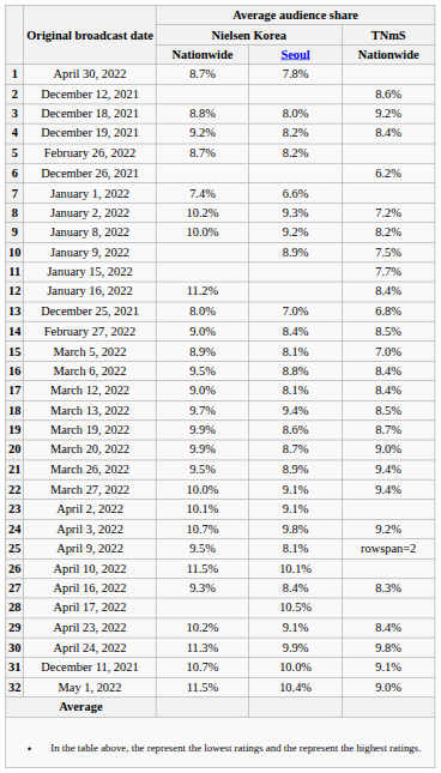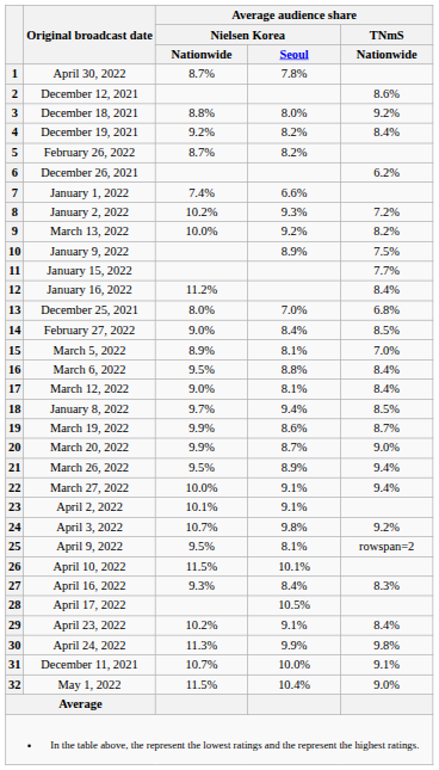 <table class="wikitable" style="text-align:center; max-width:600px; margin-left:auto; margin-right:auto">
 <tr>
 <th scope="col" rowspan="3"></th>
 <th scope="col" rowspan="3">Original broadcast date</th>
 <th scope="col" colspan="3">Average audience share</th>
 </tr>
 <tr>
 <th scope="col" colspan="2">Nielsen Korea</th>
 <th scope="col">TNmS</th>
 </tr>
 <tr>
 <th scope="col" style="width:7em">Nationwide</th>
 <th scope="col" style="width:7em"><a href='#'>Seoul</a></th>
 <th scope="col" style="width:7em">Nationwide</th>
 </tr>
 <tr>
 <th scope="col">1</th>
 <td>April 30, 2022</td>
 <td>8.7% </td>
 <td>7.8% </td>
 <td> </td>
 </tr>
 <tr>
 <th scope="col">2</th>
 <td>December 12, 2021</td>
 <td> </td>
 <td> </td>
 <td>8.6% </td>
 </tr>
 <tr>
 <th scope="col">3</th>
 <td>December 18, 2021</td>
 <td>8.8% </td>
 <td>8.0% </td>
 <td>9.2%  </td>
 </tr>
 <tr>
 <th scope="col">4</th>
 <td>December 19, 2021</td>
 <td>9.2% </td>
 <td>8.2% </td>
 <td>8.4% </td>
 </tr>
 <tr>
 <th scope="col">5</th>
 <td>February 26, 2022</td>
 <td>8.7% </td>
 <td>8.2% </td>
 <td></td>
 </tr>
 <tr>
 <th scope="col">6</th>
 <td>December 26, 2021</td>
 <td><strong></strong> </td>
 <td><strong></strong> </td>
 <td>6.2% </td>
 </tr>
 <tr>
 <th scope="col">7</th>
 <td>January 1, 2022</td>
 <td>7.4%  </td>
 <td>6.6%  </td>
 <td><strong></strong> </td>
 </tr>
 <tr>
 <th scope="col">8</th>
 <td>January 2, 2022</td>
 <td>10.2%  </td>
 <td>9.3%  </td>
 <td>7.2% </td>
 </tr>
 <tr>
 <th scope="col">9</th>
-<td>January 8, 2022</td>
+<td>March 13, 2022</td>
 <td>10.0%  </td>
 <td>9.2%  </td>
 <td>8.2%  </td>
 </tr>
 <tr>
 <th scope="col">10</th>
 <td>January 9, 2022</td>
 <td>  </td>
 <td>8.9% </td>
 <td>7.5% </td>
 </tr>
 <tr>
 <th scope="col">11</th>
 <td>January 15, 2022</td>
 <td>  </td>
 <td> </td>
 <td>7.7% </td>
 </tr>
 <tr>
 <th scope="col">12</th>
 <td>January 16, 2022</td>
 <td>11.2% </td>
 <td><strong></strong> </td>
 <td>8.4% </td>
 </tr>
 <tr>
 <th scope="col">13</th>
 <td>December 25, 2021</td>
 <td>8.0% </td>
 <td>7.0% </td>
 <td>6.8% </td>
 </tr>
 <tr>
 <th scope="col">14</th>
 <td>February 27, 2022</td>
 <td>9.0% </td>
 <td>8.4% </td>
 <td>8.5% </td>
 </tr>
 <tr>
 <th scope="col">15</th>
 <td>March 5, 2022</td>
 <td>8.9% </td>
 <td>8.1% </td>
 <td>7.0% </td>
 </tr>
 <tr>
 <th scope="col">16</th>
 <td>March 6, 2022</td>
 <td>9.5% </td>
 <td>8.8% </td>
 <td>8.4% </td>
 </tr>
 <tr>
 <th scope="col">17</th>
 <td>March 12, 2022</td>
 <td>9.0%  </td>
 <td>8.1%  </td>
 <td>8.4%  </td>
 </tr>
 <tr>
 <th scope="col">18</th>
-<td>March 13, 2022</td>
+<td>January 8, 2022</td>
 <td>9.7% </td>
 <td>9.4%  </td>
 <td>8.5% </td>
 </tr>
 <tr>
 <th scope="col">19</th>
 <td>March 19, 2022</td>
 <td>9.9%  </td>
 <td>8.6%  </td>
 <td>8.7% </td>
 </tr>
 <tr>
 <th scope="col">20</th>
 <td>March 20, 2022</td>
 <td>9.9% </td>
 <td>8.7% </td>
 <td>9.0% </td>
 </tr>
 <tr>
 <th scope="col">21</th>
 <td>March 26, 2022</td>
 <td>9.5% </td>
 <td>8.9% </td>
 <td>9.4%</td>
 </tr>
 <tr>
 <th scope="col">22</th>
 <td>March 27, 2022</td>
 <td>10.0% </td>
 <td>9.1% </td>
 <td>9.4% </td>
 </tr>
 <tr>
 <th scope="col">23</th>
 <td>April 2, 2022</td>
 <td>10.1%  </td>
 <td>9.1%  </td>
 <td></td>
 </tr>
 <tr>
 <th scope="col">24</th>
 <td>April 3, 2022</td>
 <td>10.7% </td>
 <td>9.8% </td>
 <td>9.2% </td>
 </tr>
 <tr>
 <th scope="col">25</th>
 <td>April 9, 2022</td>
 <td>9.5% </td>
 <td>8.1% </td>
 <td>rowspan=2 </td>
 </tr>
 <tr>
 <th scope="col">26</th>
 <td>April 10, 2022</td>
 <td>11.5%</td>
 <td>10.1% </td>
 </tr>
 <tr>
 <th scope="col">27</th>
 <td>April 16, 2022</td>
 <td>9.3% </td>
 <td>8.4%  </td>
 <td>8.3%  </td>
 </tr>
 <tr>
 <th scope="col">28</th>
 <td>April 17, 2022</td>
 <td><strong></strong>  </td>
 <td>10.5% </td>
 <td><strong></strong>  </td>
 </tr>
 <tr>
 <th scope="col">29</th>
 <td>April 23, 2022</td>
 <td>10.2% </td>
 <td>9.1% </td>
 <td>8.4% </td>
 </tr>
 <tr>
 <th scope="col">30</th>
 <td>April 24, 2022</td>
 <td>11.3% </td>
 <td>9.9% </td>
 <td>9.8% </td>
 </tr>
 <tr>
 <th scope="col">31</th>
 <td>December 11, 2021</td>
 <td>10.7% </td>
 <td>10.0% </td>
 <td>9.1% </td>
 </tr>
 <tr>
 <th scope="col">32</th>
 <td>May 1, 2022</td>
 <td>11.5% </td>
 <td>10.4% </td>
 <td>9.0% </td>
 </tr>
 <tr>
 <th scope="col" colspan="2">Average</th>
 <th scope="col"></th>
 <th scope="col"></th>
 <th scope="col"></th>
 </tr>
 <tr>
 <td colspan="6" style="font-size:85%"><br><ul><li>In the table above, the <strong></strong> represent the lowest ratings and the <strong></strong> represent the highest ratings.</li></ul></td>
 </tr>
 </table>
